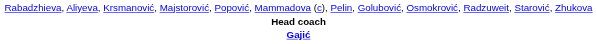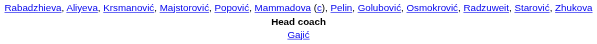 <table style="text-align: center; margin-top: 2em; margin-left: auto; margin-right: auto">
 <tr>
 <td><a href='#'>Rabadzhieva</a>, <a href='#'>Aliyeva</a>, <a href='#'>Krsmanović</a>, <a href='#'>Majstorović</a>, <a href='#'>Popović</a>, <a href='#'>Mammadova</a> (<a href='#'>c</a>), <a href='#'>Pelin</a>, <a href='#'>Golubović</a>, <a href='#'>Osmokrović</a>, <a href='#'>Radzuweit</a>, <a href='#'>Starović</a>, <a href='#'>Zhukova</a></td>
 </tr>
 <tr>
 <td><strong>Head coach</strong></td>
 </tr>
 <tr>
-<td><strong><a href='#'>Gajić</a></strong></td>
+<td><a href='#'>Gajić</a></td>
 </tr>
 </table>
